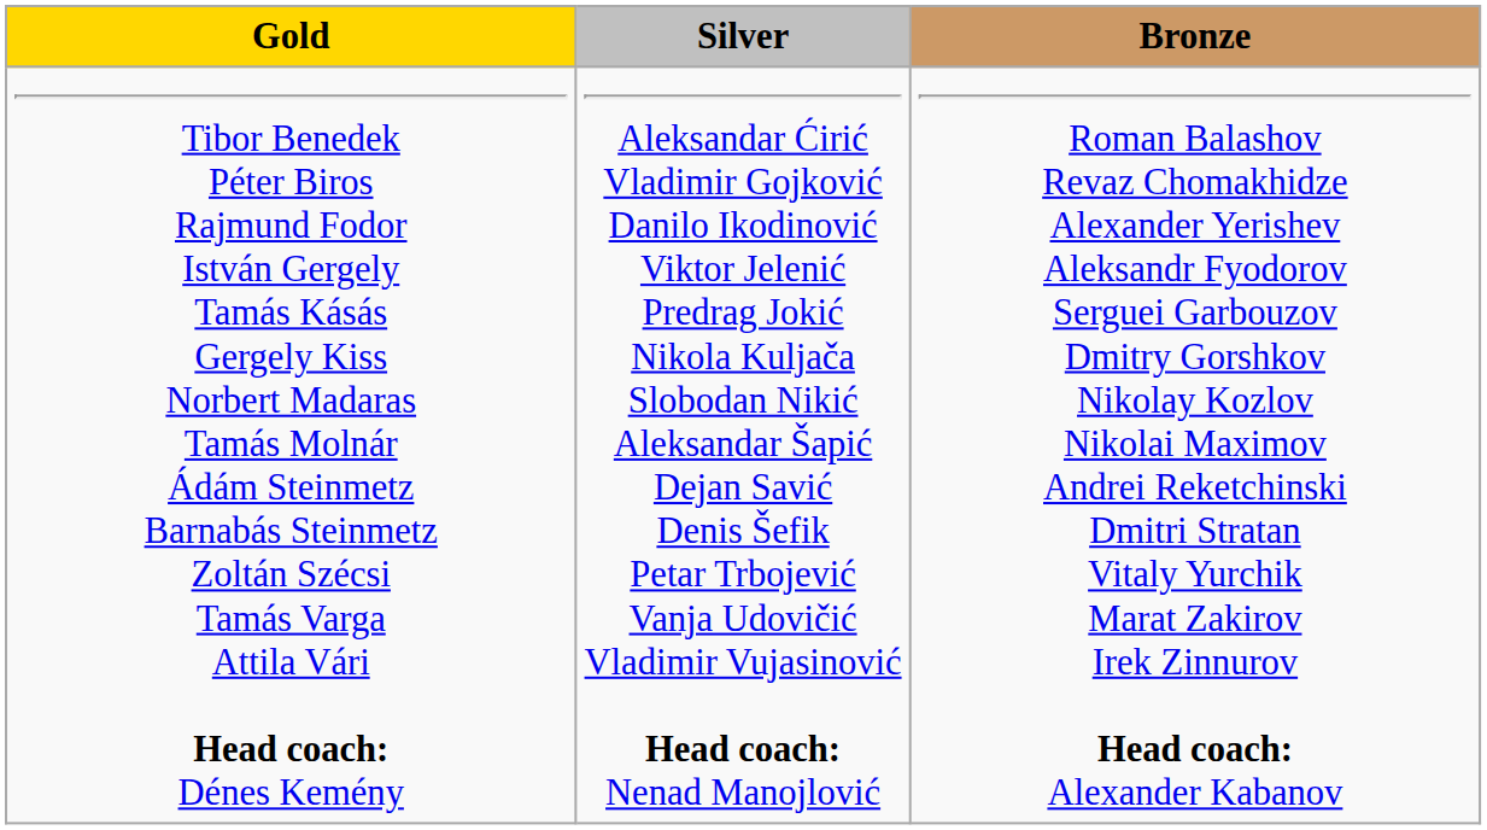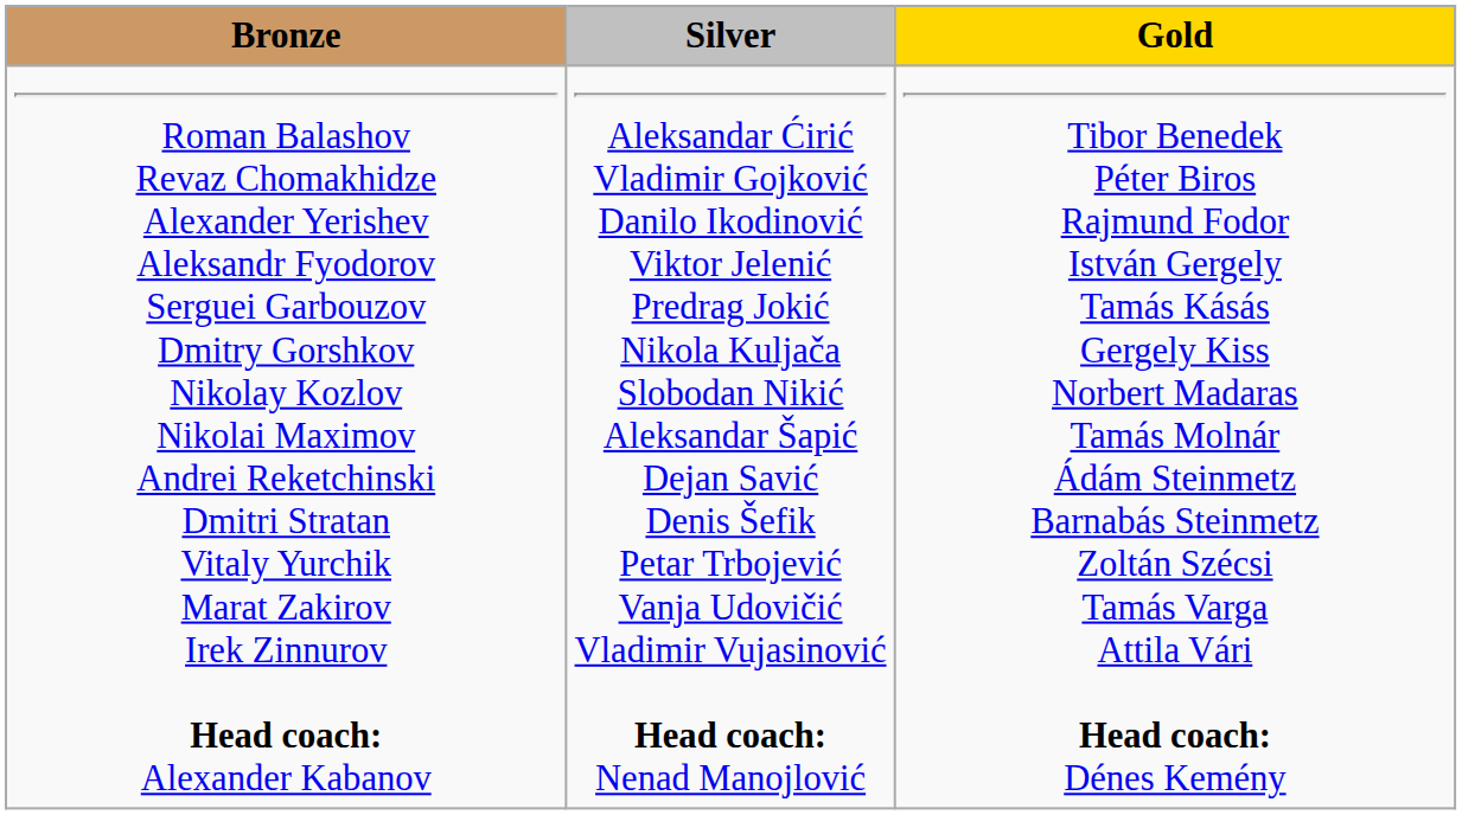 <table class="wikitable" style="font-size:95%; text-align:center;">
 <tr>
+<td style="width: 15em" bgcolor="CC9966"><strong>Bronze</strong></td>
+<td style=der"width: 15em" bgcolor="silver"><strong>Silver</strong></td>
 <td style="width: 15em" bgcolor="gold"><strong>Gold</strong></td>
-<td style=der"width: 15em" bgcolor="silver"><strong>Silver</strong></td>
-<td style="width: 15em" bgcolor="CC9966"><strong>Bronze</strong></td>
 </tr>
 <tr valign="top">
+<td><hr><a href='#'>Roman Balashov</a><br><a href='#'>Revaz Chomakhidze</a><br><a href='#'>Alexander Yerishev</a><br><a href='#'>Aleksandr Fyodorov</a><br><a href='#'>Serguei Garbouzov</a><br><a href='#'>Dmitry Gorshkov</a><br><a href='#'>Nikolay Kozlov</a><br><a href='#'>Nikolai Maximov</a><br><a href='#'>Andrei Reketchinski</a><br><a href='#'>Dmitri Stratan</a><br><a href='#'>Vitaly Yurchik</a><br><a href='#'>Marat Zakirov</a><br><a href='#'>Irek Zinnurov</a><br><br><strong>Head coach:</strong><br><a href='#'>Alexander Kabanov</a></td>
+<td><hr><a href='#'>Aleksandar Ćirić</a><br><a href='#'>Vladimir Gojković</a><br><a href='#'>Danilo Ikodinović</a><br><a href='#'>Viktor Jelenić</a><br><a href='#'>Predrag Jokić</a><br><a href='#'>Nikola Kuljača</a><br><a href='#'>Slobodan Nikić</a><br><a href='#'>Aleksandar Šapić</a><br><a href='#'>Dejan Savić</a><br><a href='#'>Denis Šefik</a><br><a href='#'>Petar Trbojević</a><br><a href='#'>Vanja Udovičić</a><br><a href='#'>Vladimir Vujasinović</a><br><br><strong>Head coach:</strong><br><a href='#'>Nenad Manojlović</a></td>
 <td><hr><a href='#'>Tibor Benedek</a><br><a href='#'>Péter Biros</a><br><a href='#'>Rajmund Fodor</a><br><a href='#'>István Gergely</a><br><a href='#'>Tamás Kásás</a><br><a href='#'>Gergely Kiss</a><br><a href='#'>Norbert Madaras</a><br><a href='#'>Tamás Molnár</a><br><a href='#'>Ádám Steinmetz</a><br><a href='#'>Barnabás Steinmetz</a><br><a href='#'>Zoltán Szécsi</a><br><a href='#'>Tamás Varga</a><br><a href='#'>Attila Vári</a><br><br><strong>Head coach:</strong><br><a href='#'>Dénes Kemény</a></td>
-<td><hr><a href='#'>Aleksandar Ćirić</a><br><a href='#'>Vladimir Gojković</a><br><a href='#'>Danilo Ikodinović</a><br><a href='#'>Viktor Jelenić</a><br><a href='#'>Predrag Jokić</a><br><a href='#'>Nikola Kuljača</a><br><a href='#'>Slobodan Nikić</a><br><a href='#'>Aleksandar Šapić</a><br><a href='#'>Dejan Savić</a><br><a href='#'>Denis Šefik</a><br><a href='#'>Petar Trbojević</a><br><a href='#'>Vanja Udovičić</a><br><a href='#'>Vladimir Vujasinović</a><br><br><strong>Head coach:</strong><br><a href='#'>Nenad Manojlović</a></td>
-<td><hr><a href='#'>Roman Balashov</a><br><a href='#'>Revaz Chomakhidze</a><br><a href='#'>Alexander Yerishev</a><br><a href='#'>Aleksandr Fyodorov</a><br><a href='#'>Serguei Garbouzov</a><br><a href='#'>Dmitry Gorshkov</a><br><a href='#'>Nikolay Kozlov</a><br><a href='#'>Nikolai Maximov</a><br><a href='#'>Andrei Reketchinski</a><br><a href='#'>Dmitri Stratan</a><br><a href='#'>Vitaly Yurchik</a><br><a href='#'>Marat Zakirov</a><br><a href='#'>Irek Zinnurov</a><br><br><strong>Head coach:</strong><br><a href='#'>Alexander Kabanov</a></td>
 </tr>
 </table>
